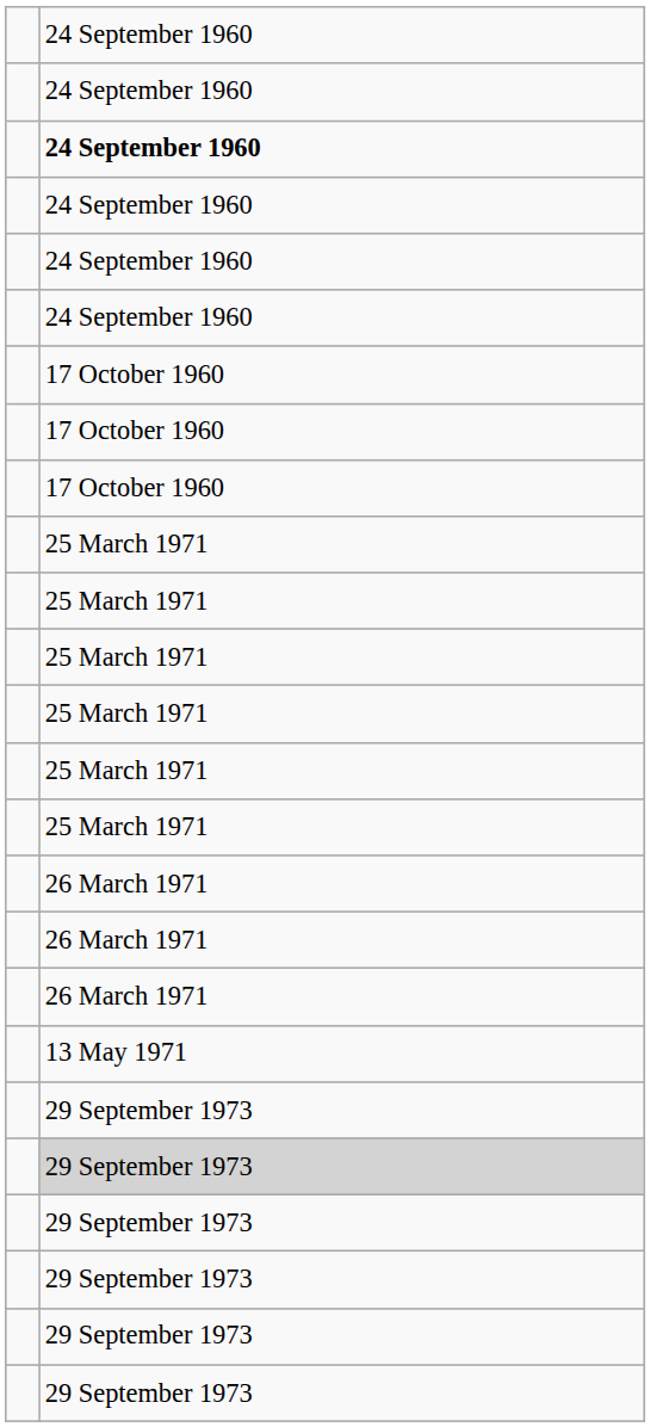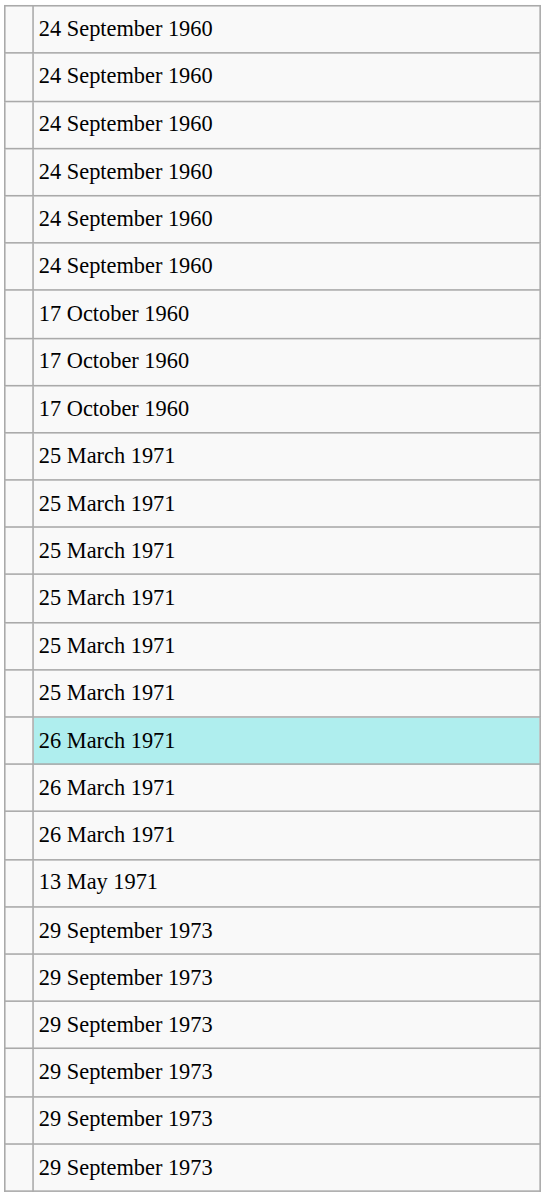 <table class="wikitable" style="font-size: 89%; float: left; width: 24em; margin-right: 1em; line-height: 1.65em">
 <tr>
 <td></td>
 <td>24 September 1960</td>
 </tr>
 <tr>
 <td></td>
 <td>24 September 1960</td>
 </tr>
 <tr>
 <td></td>
-<td><strong>24 September 1960</strong></td>
+<td>24 September 1960</td>
 </tr>
 <tr>
 <td></td>
 <td>24 September 1960</td>
 </tr>
 <tr>
 <td></td>
 <td>24 September 1960</td>
 </tr>
 <tr>
 <td></td>
 <td>24 September 1960</td>
 </tr>
 <tr>
 <td></td>
 <td>17 October 1960</td>
 </tr>
 <tr>
 <td></td>
 <td>17 October 1960</td>
 </tr>
 <tr>
 <td></td>
 <td>17 October 1960</td>
 </tr>
 <tr>
 <td></td>
 <td>25 March 1971</td>
 </tr>
 <tr>
 <td></td>
 <td>25 March 1971</td>
 </tr>
 <tr>
 <td></td>
 <td>25 March 1971</td>
 </tr>
 <tr>
 <td></td>
 <td>25 March 1971</td>
 </tr>
 <tr>
 <td></td>
 <td>25 March 1971</td>
 </tr>
 <tr>
 <td></td>
 <td>25 March 1971</td>
 </tr>
 <tr>
 <td></td>
-<td>26 March 1971</td>
+<td style="background: paleturquoise;">26 March 1971</td>
 </tr>
 <tr>
 <td></td>
 <td>26 March 1971</td>
 </tr>
 <tr>
 <td></td>
 <td>26 March 1971</td>
 </tr>
 <tr>
 <td></td>
 <td>13 May 1971</td>
 </tr>
 <tr>
 <td></td>
 <td>29 September 1973</td>
 </tr>
 <tr>
 <td></td>
-<td style="background: lightgrey;">29 September 1973</td>
+<td>29 September 1973</td>
 </tr>
 <tr>
 <td></td>
 <td>29 September 1973</td>
 </tr>
 <tr>
 <td></td>
 <td>29 September 1973</td>
 </tr>
 <tr>
 <td></td>
 <td>29 September 1973</td>
 </tr>
 <tr>
 <td></td>
 <td>29 September 1973</td>
 </tr>
 </table>
